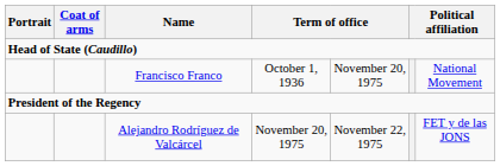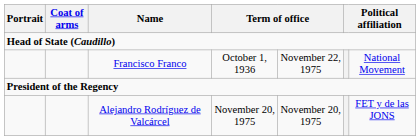 <table style="text-align:center; width:100%" class="wikitable">
 <tr>
 <th>Portrait</th>
 <th><a href='#'>Coat of arms</a></th>
 <th width=30%>Name<br></th>
 <th colspan=2>Term of office</th>
 <th colspan=2>Political affiliation</th>
 </tr>
 <tr>
 <td align="left" colspan="8"><span><strong>Head of State (<em>Caudillo</em>)</strong></span></td>
 </tr>
 <tr>
 <td></td>
 <td></td>
 <td><a href='#'>Francisco Franco</a><br></td>
 <td>October 1, 1936</td>
-<td>November 20, 1975</td>
+<td>November 22, 1975</td>
 <th style="background:"></th>
 <td><a href='#'>National Movement</a></td>
 </tr>
 <tr>
 <td align="left" colspan="8"><span><strong>President of the Regency</strong></span></td>
 </tr>
 <tr>
 <td></td>
 <td></td>
 <td><a href='#'>Alejandro Rodríguez de Valcárcel</a><br></td>
 <td>November 20, 1975</td>
-<td>November 22, 1975</td>
+<td>November 20, 1975</td>
 <th style="background:"></th>
 <td><a href='#'>FET y de las JONS</a><br><br></td>
 </tr>
 </table>
